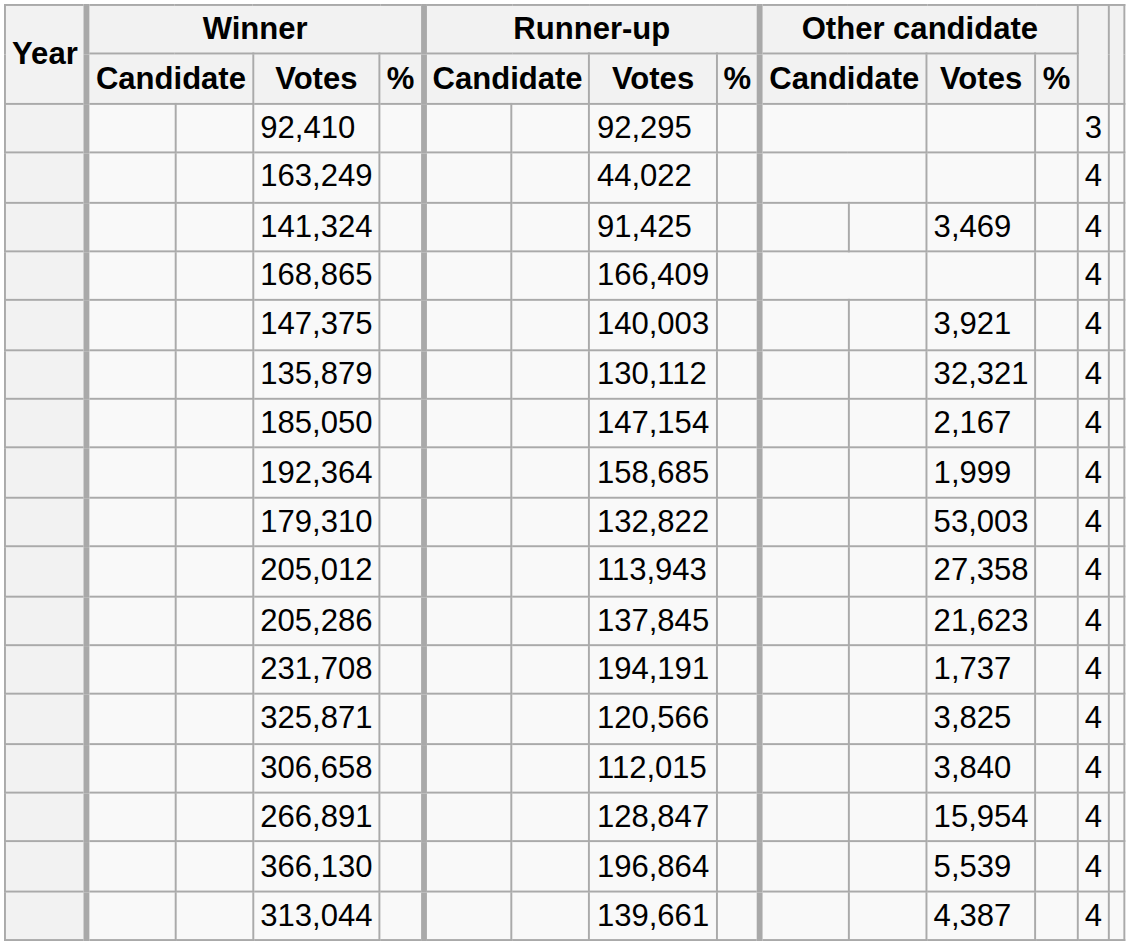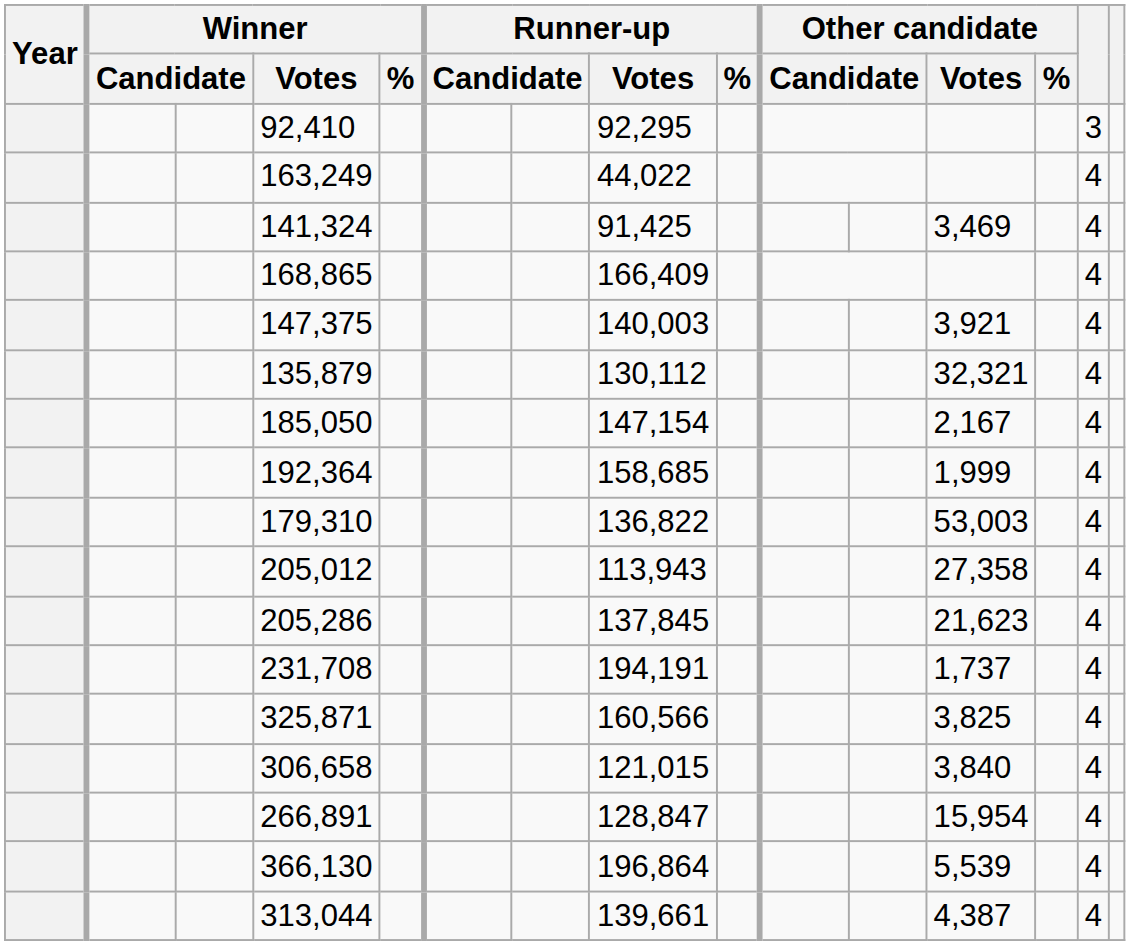 <table class="wikitable sortable">
 <tr>
 <th scope=col rowspan="2">Year</th>
 <th scope="col" style="border-left:3px solid darkgray;" colspan="4">Winner</th>
 <th scope="col" style="border-left:3px solid darkgray;" colspan="4">Runner-up</th>
 <th scope="col" style="border-left:3px solid darkgray;" colspan="4">Other candidate</th>
 <th scope="col" class="unsortable" rowspan="2"></th>
 <th scope="col" class="unsortable" rowspan="2"></th>
 </tr>
 <tr>
 <th scope="col" style="border-left:3px solid darkgray;" colspan="2">Candidate</th>
 <th scope="col" data-sort-type="number">Votes</th>
 <th scope="col"  data-sort-type="number">%</th>
 <th scope="col" style="border-left:3px solid darkgray;" colspan="2">Candidate</th>
 <th scope="col"  data-sort-type="number">Votes</th>
 <th scope="col"  data-sort-type="number">%</th>
 <th scope="col"  scope="col" style="border-left:3px solid darkgray;" colspan="2">Candidate</th>
 <th scope="col"  data-sort-type="number">Votes</th>
 <th scope="col"  data-sort-type="number">%</th>
 </tr>
 <tr>
 <th scope="row"> </th>
 <td style="text-align:left; border-left:3px solid darkgray; background-color:"></td>
 <td><strong></strong>  </td>
 <td>92,410</td>
 <td></td>
 <td style="text-align:left; border-left:3px solid darkgray; background-color:"></td>
 <td> </td>
 <td>92,295</td>
 <td></td>
 <td colspan="2" style="text-align:left; border-left:3px solid darkgray;"></td>
 <td></td>
 <td></td>
 <td>3</td>
 <td></td>
 </tr>
 <tr>
 <th scope="row"> </th>
 <td style="text-align:left; border-left:3px solid darkgray; background-color:"></td>
 <td><strong></strong>  </td>
 <td>163,249</td>
 <td></td>
 <td style="text-align:left; border-left:3px solid darkgray; background-color:"></td>
 <td> </td>
 <td>44,022</td>
 <td></td>
 <td colspan="2" style="text-align:left; border-left:3px solid darkgray;"></td>
 <td></td>
 <td></td>
 <td>4</td>
 <td></td>
 </tr>
 <tr>
 <th scope="row"> </th>
 <td style="text-align:left; border-left:3px solid darkgray; background-color:"></td>
 <td><strong></strong> </td>
 <td>141,324</td>
 <td></td>
 <td style="text-align:left; border-left:3px solid darkgray; background-color:"></td>
 <td>  </td>
 <td>91,425</td>
 <td></td>
 <td style="text-align:left; border-left:3px solid darkgray; background-color:"></td>
 <td> </td>
 <td>3,469</td>
 <td></td>
 <td>4</td>
 <td></td>
 </tr>
 <tr>
 <th scope="row"> </th>
 <td style="text-align:left; border-left:3px solid darkgray; background-color:"></td>
 <td><strong></strong>  </td>
 <td>168,865</td>
 <td></td>
 <td style="text-align:left; border-left:3px solid darkgray; background-color:"></td>
 <td> </td>
 <td>166,409</td>
 <td></td>
 <td colspan="2" style="text-align:left; border-left:3px solid darkgray;"></td>
 <td></td>
 <td></td>
 <td>4</td>
 <td></td>
 </tr>
 <tr>
 <th scope="row"> </th>
 <td style="text-align:left; border-left:3px solid darkgray; background-color:"></td>
 <td><strong></strong>  </td>
 <td>147,375</td>
 <td></td>
 <td style="text-align:left; border-left:3px solid darkgray; background-color:"></td>
 <td> </td>
 <td>140,003</td>
 <td></td>
 <td style="text-align:left; border-left:3px solid darkgray; background-color:"></td>
 <td> </td>
 <td>3,921</td>
 <td></td>
 <td>4</td>
 <td></td>
 </tr>
 <tr>
 <th scope="row"> </th>
 <td style="text-align:left; border-left:3px solid darkgray; background-color:"></td>
 <td><strong></strong> </td>
 <td>135,879</td>
 <td></td>
 <td style="text-align:left; border-left:3px solid darkgray; background-color:"></td>
 <td>  </td>
 <td>130,112</td>
 <td></td>
 <td style="text-align:left; border-left:3px solid darkgray; background-color:"></td>
 <td> </td>
 <td>32,321</td>
 <td></td>
 <td>4</td>
 <td></td>
 </tr>
 <tr>
 <th scope="row"> </th>
 <td style="text-align:left; border-left:3px solid darkgray; background-color:"></td>
 <td><strong></strong>  </td>
 <td>185,050</td>
 <td></td>
 <td style="text-align:left; border-left:3px solid darkgray; background-color:"></td>
 <td> </td>
 <td>147,154</td>
 <td></td>
 <td style="text-align:left; border-left:3px solid darkgray; background-color:"></td>
 <td> </td>
 <td>2,167</td>
 <td></td>
 <td>4</td>
 <td></td>
 </tr>
 <tr>
 <th scope="row"> </th>
 <td style="text-align:left; border-left:3px solid darkgray; background-color:"></td>
 <td><strong></strong> </td>
 <td>192,364</td>
 <td></td>
 <td style="text-align:left; border-left:3px solid darkgray; background-color:"></td>
 <td>  </td>
 <td>158,685</td>
 <td></td>
 <td style="text-align:left; border-left:3px solid darkgray; background-color:"></td>
 <td> </td>
 <td>1,999</td>
 <td></td>
 <td>4</td>
 <td></td>
 </tr>
 <tr>
 <th scope="row"> </th>
 <td style="text-align:left; border-left:3px solid darkgray; background-color:"></td>
 <td><strong></strong>  </td>
 <td>179,310</td>
 <td></td>
 <td style="text-align:left; border-left:3px solid darkgray; background-color:"></td>
 <td> </td>
-<td>132,822</td>
+<td>136,822</td>
 <td></td>
 <td style="text-align:left; border-left:3px solid darkgray; background-color:"></td>
 <td> </td>
 <td>53,003</td>
 <td></td>
 <td>4</td>
 <td></td>
 </tr>
 <tr>
 <th scope="row"> </th>
 <td style="text-align:left; border-left:3px solid darkgray; background-color:"></td>
 <td><strong></strong>  </td>
 <td>205,012</td>
 <td></td>
 <td style="text-align:left; border-left:3px solid darkgray; background-color:"></td>
 <td> </td>
 <td>113,943</td>
 <td></td>
 <td style="text-align:left; border-left:3px solid darkgray; background-color:"></td>
 <td> </td>
 <td>27,358</td>
 <td></td>
 <td>4</td>
 <td></td>
 </tr>
 <tr>
 <th scope="row"> </th>
 <td style="text-align:left; border-left:3px solid darkgray; background-color:"></td>
 <td><strong></strong> </td>
 <td>205,286</td>
 <td></td>
 <td style="text-align:left; border-left:3px solid darkgray; background-color:"></td>
 <td>  </td>
 <td>137,845</td>
 <td></td>
 <td style="text-align:left; border-left:3px solid darkgray; background-color:"></td>
 <td> </td>
 <td>21,623</td>
 <td></td>
 <td>4</td>
 <td></td>
 </tr>
 <tr>
 <th scope="row"> </th>
 <td style="text-align:left; border-left:3px solid darkgray; background-color:"></td>
 <td><strong></strong> </td>
 <td>231,708</td>
 <td></td>
 <td style="text-align:left; border-left:3px solid darkgray; background-color:"></td>
 <td>  </td>
 <td>194,191</td>
 <td></td>
 <td style="text-align:left; border-left:3px solid darkgray; background-color:"></td>
 <td> </td>
 <td>1,737</td>
 <td></td>
 <td>4</td>
 <td></td>
 </tr>
 <tr>
 <th scope="row"> </th>
 <td style="text-align:left; border-left:3px solid darkgray; background-color:"></td>
 <td><strong></strong>  </td>
 <td>325,871</td>
 <td></td>
 <td style="text-align:left; border-left:3px solid darkgray; background-color:"></td>
 <td> </td>
-<td>120,566</td>
+<td>160,566</td>
 <td></td>
 <td style="text-align:left; border-left:3px solid darkgray; background-color:"></td>
 <td> </td>
 <td>3,825</td>
 <td></td>
 <td>4</td>
 <td></td>
 </tr>
 <tr>
 <th scope="row"> </th>
 <td style="text-align:left; border-left:3px solid darkgray; background-color:"></td>
 <td><strong></strong>  </td>
 <td>306,658</td>
 <td></td>
 <td style="text-align:left; border-left:3px solid darkgray; background-color:"></td>
 <td> </td>
-<td>112,015</td>
+<td>121,015</td>
 <td></td>
 <td style="text-align:left; border-left:3px solid darkgray; background-color:"></td>
 <td> </td>
 <td>3,840</td>
 <td></td>
 <td>4</td>
 <td></td>
 </tr>
 <tr>
 <th scope="row"> </th>
 <td style="text-align:left; border-left:3px solid darkgray; background-color:"></td>
 <td><strong></strong> </td>
 <td>266,891</td>
 <td></td>
 <td style="text-align:left; border-left:3px solid darkgray; background-color:"></td>
 <td>  </td>
 <td>128,847</td>
 <td></td>
 <td style="text-align:left; border-left:3px solid darkgray; background-color:"></td>
 <td> </td>
 <td>15,954</td>
 <td></td>
 <td>4</td>
 <td></td>
 </tr>
 <tr>
 <th scope="row"> </th>
 <td style="text-align:left; border-left:3px solid darkgray; background-color:"></td>
 <td><strong></strong>  </td>
 <td>366,130</td>
 <td></td>
 <td style="text-align:left; border-left:3px solid darkgray; background-color:"></td>
 <td> </td>
 <td>196,864</td>
 <td></td>
 <td style="text-align:left; border-left:3px solid darkgray; background-color:"></td>
 <td> </td>
 <td>5,539</td>
 <td></td>
 <td>4</td>
 <td></td>
 </tr>
 <tr>
 <th scope="row"> </th>
 <td style="text-align:left; border-left:3px solid darkgray; background-color:"></td>
 <td><strong></strong> </td>
 <td>313,044</td>
 <td></td>
 <td style="text-align:left; border-left:3px solid darkgray; background-color:"></td>
 <td>  </td>
 <td>139,661</td>
 <td></td>
 <td style="text-align:left; border-left:3px solid darkgray; background-color:"></td>
 <td> </td>
 <td>4,387</td>
 <td></td>
 <td>4</td>
 <td></td>
 </tr>
 </table>
